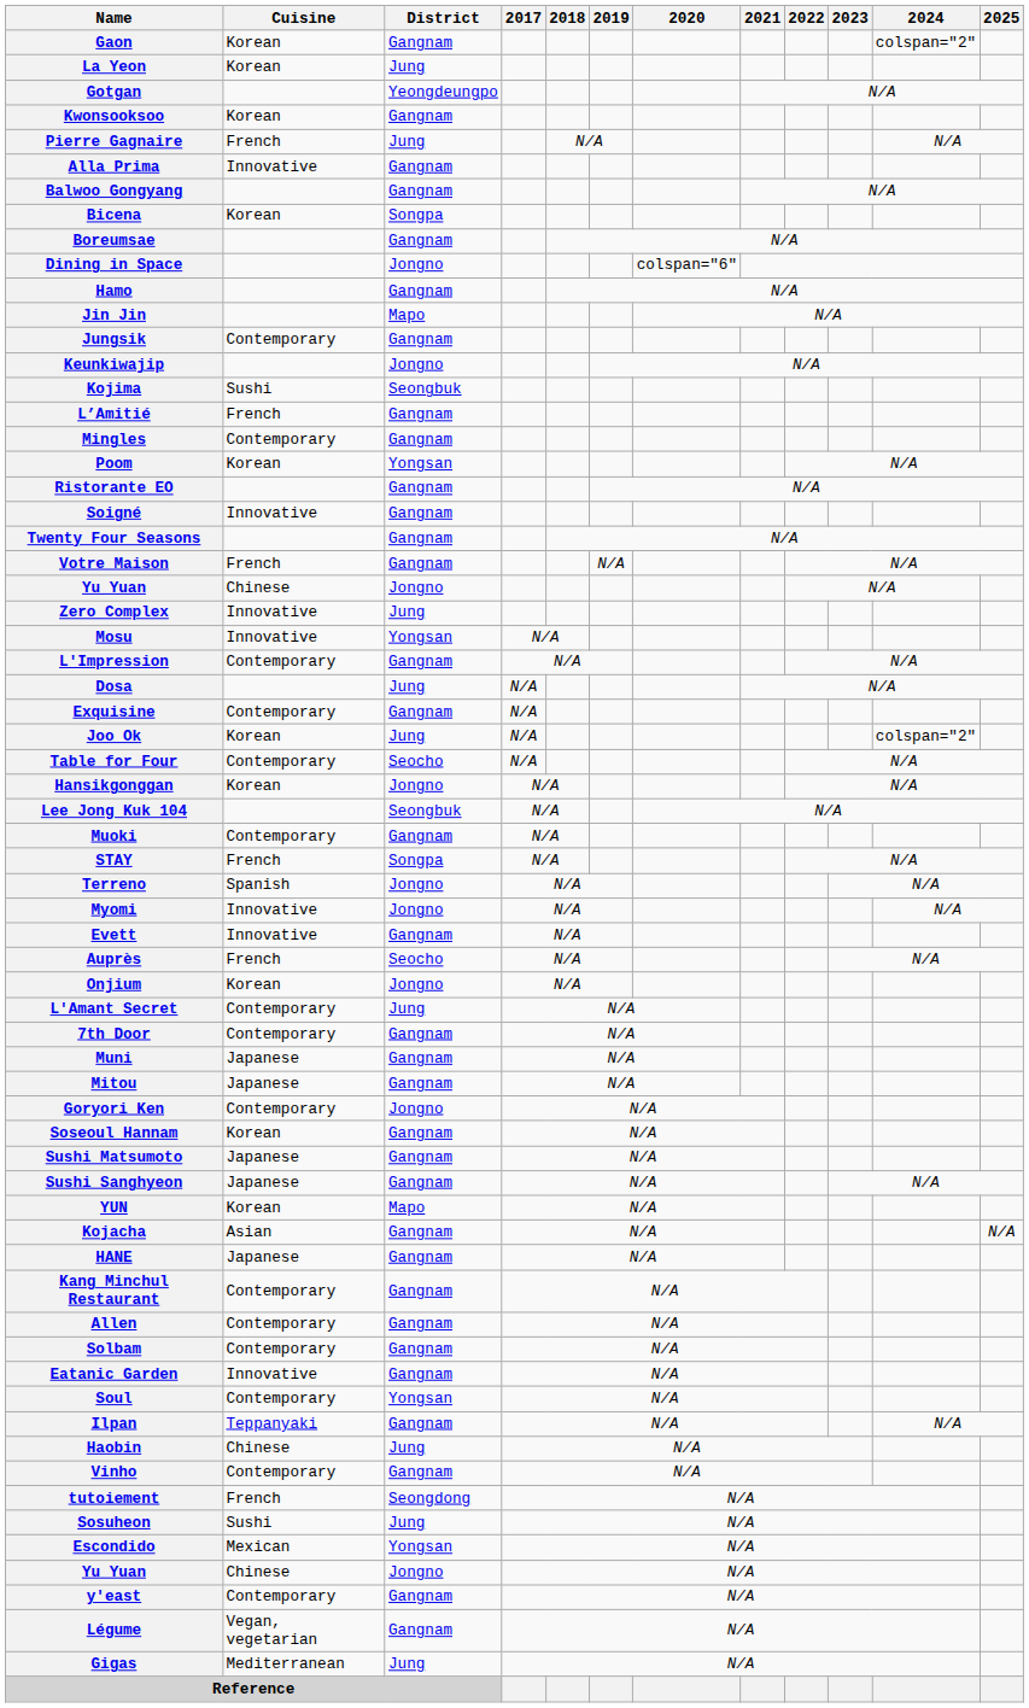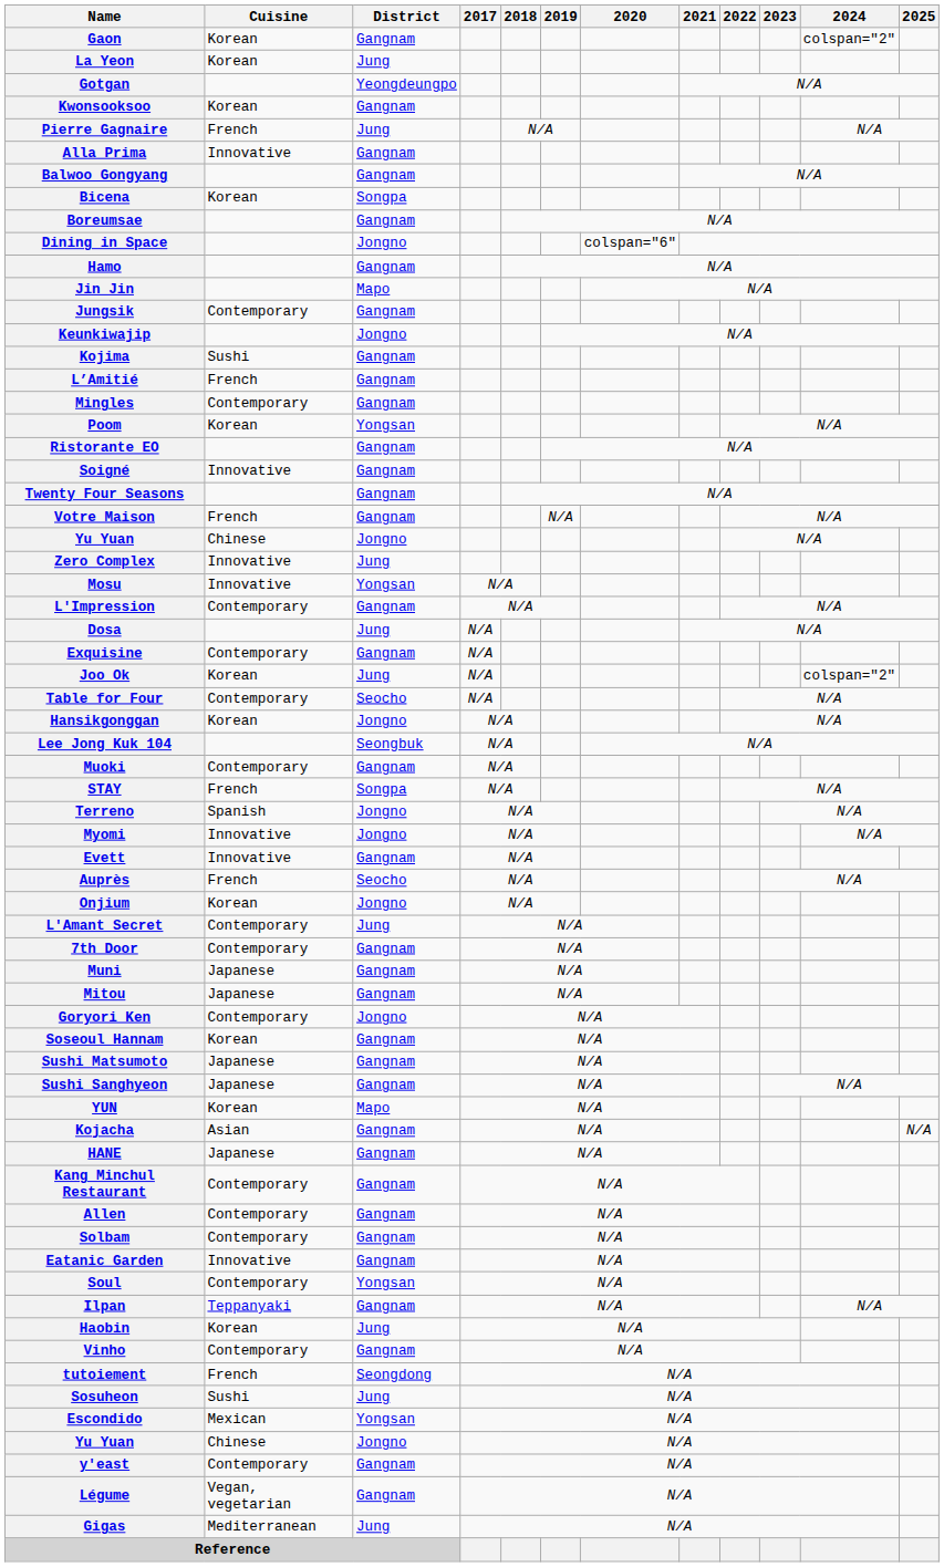 <table class="wikitable sortable plainrowheaders" style="text-align:left;"">
 <tr>
 <th scope="col">Name</th>
 <th scope="col">Cuisine</th>
 <th scope="col">District</th>
 <th scope="col">2017</th>
 <th scope="col">2018</th>
 <th scope="col">2019</th>
 <th scope="col">2020</th>
 <th scope="col">2021</th>
 <th scope="col">2022</th>
 <th scope="col">2023</th>
 <th scope="col">2024</th>
 <th scope="col">2025</th>
 </tr>
 <tr>
 <th scope="row"><a href='#'>Gaon</a></th>
 <td>Korean</td>
 <td><a href='#'>Gangnam</a></td>
 <td></td>
 <td></td>
 <td></td>
 <td></td>
 <td></td>
 <td></td>
 <td></td>
 <td>colspan="2" </td>
 </tr>
 <tr>
 <th scope="row"><a href='#'>La Yeon</a></th>
 <td>Korean</td>
 <td><a href='#'>Jung</a></td>
 <td></td>
 <td></td>
 <td></td>
 <td></td>
 <td></td>
 <td></td>
 <td></td>
 <td></td>
 <td></td>
 </tr>
 <tr>
 <th scope="row"><a href='#'>Gotgan</a></th>
 <td></td>
 <td><a href='#'>Yeongdeungpo</a></td>
 <td></td>
 <td></td>
 <td></td>
 <td></td>
 <td colspan="5" style="text-align: center;"><em>N/A</em></td>
 </tr>
 <tr>
 <th scope="row"><a href='#'>Kwonsooksoo</a></th>
 <td>Korean</td>
 <td><a href='#'>Gangnam</a></td>
 <td></td>
 <td></td>
 <td></td>
 <td></td>
 <td></td>
 <td></td>
 <td></td>
 <td></td>
 <td></td>
 </tr>
 <tr>
 <th scope="row"><a href='#'>Pierre Gagnaire</a></th>
 <td>French</td>
 <td><a href='#'>Jung</a></td>
 <td></td>
 <td colspan="2" style="text-align: center;"><em>N/A</em></td>
 <td></td>
 <td></td>
 <td></td>
 <td></td>
 <td style="text-align: center;  " colspan="2"><em>N/A</em></td>
 </tr>
 <tr>
 <th scope="row"><a href='#'>Alla Prima</a></th>
 <td>Innovative</td>
 <td><a href='#'>Gangnam</a></td>
 <td></td>
 <td></td>
 <td></td>
 <td></td>
 <td></td>
 <td></td>
 <td></td>
 <td></td>
 <td></td>
 </tr>
 <tr>
 <th scope="row"><a href='#'>Balwoo Gongyang</a></th>
 <td></td>
 <td><a href='#'>Gangnam</a></td>
 <td></td>
 <td></td>
 <td></td>
 <td></td>
 <td colspan="5" style="text-align: center; "><em>N/A</em></td>
 </tr>
 <tr>
 <th scope="row"><a href='#'>Bicena</a></th>
 <td>Korean</td>
 <td><a href='#'>Songpa</a></td>
 <td></td>
 <td></td>
 <td></td>
 <td></td>
 <td></td>
 <td></td>
 <td></td>
 <td></td>
 <td></td>
 </tr>
 <tr>
 <th scope="row"><a href='#'>Boreumsae</a></th>
 <td></td>
 <td><a href='#'>Gangnam</a></td>
 <td></td>
 <td colspan="8" style="text-align: center; "><em>N/A</em></td>
 </tr>
 <tr>
 <th scope="row"><a href='#'>Dining in Space</a></th>
 <td></td>
 <td><a href='#'>Jongno</a></td>
 <td></td>
 <td></td>
 <td></td>
 <td>colspan="6" </td>
 </tr>
 <tr>
 <th scope="row"><a href='#'>Hamo</a></th>
 <td></td>
 <td><a href='#'>Gangnam</a></td>
 <td></td>
 <td colspan="8" style="text-align: center; "><em>N/A</em></td>
 </tr>
 <tr>
 <th scope="row"><a href='#'>Jin Jin</a></th>
 <td></td>
 <td><a href='#'>Mapo</a></td>
 <td></td>
 <td></td>
 <td></td>
 <td colspan="6" style="text-align: center; "><em>N/A</em></td>
 </tr>
 <tr>
 <th scope="row"><a href='#'>Jungsik</a></th>
 <td>Contemporary</td>
 <td><a href='#'>Gangnam</a></td>
 <td></td>
 <td></td>
 <td></td>
 <td></td>
 <td></td>
 <td></td>
 <td></td>
 <td></td>
 <td></td>
 </tr>
 <tr>
 <th scope="row"><a href='#'>Keunkiwajip</a></th>
 <td></td>
 <td><a href='#'>Jongno</a></td>
 <td></td>
 <td></td>
 <td colspan="7" style="text-align: center; "><em>N/A</em></td>
 </tr>
 <tr>
 <th scope="row"><a href='#'>Kojima</a></th>
 <td>Sushi</td>
-<td><a href='#'>Seongbuk</a></td>
+<td><a href='#'>Gangnam</a></td>
 <td></td>
 <td></td>
 <td></td>
 <td></td>
 <td></td>
 <td></td>
 <td></td>
 <td></td>
 <td></td>
 </tr>
 <tr>
 <th scope="row"><a href='#'>L’Amitié</a></th>
 <td>French</td>
 <td><a href='#'>Gangnam</a></td>
 <td></td>
 <td></td>
 <td></td>
 <td></td>
 <td></td>
 <td></td>
 <td></td>
 <td></td>
 <td></td>
 </tr>
 <tr>
 <th scope="row"><a href='#'>Mingles</a></th>
 <td>Contemporary</td>
 <td><a href='#'>Gangnam</a></td>
 <td></td>
 <td></td>
 <td></td>
 <td></td>
 <td></td>
 <td></td>
 <td></td>
 <td></td>
 <td></td>
 </tr>
 <tr>
 <th scope="row"><a href='#'>Poom</a></th>
 <td>Korean</td>
 <td><a href='#'>Yongsan</a></td>
 <td></td>
 <td></td>
 <td></td>
 <td></td>
 <td></td>
 <td colspan="4" style="text-align: center;  "><em>N/A</em></td>
 </tr>
 <tr>
 <th scope="row"><a href='#'>Ristorante EO</a></th>
 <td></td>
 <td><a href='#'>Gangnam</a></td>
 <td></td>
 <td></td>
 <td colspan="7" style="text-align: center; "><em>N/A</em></td>
 </tr>
 <tr>
 <th scope="row"><a href='#'>Soigné</a></th>
 <td>Innovative</td>
 <td><a href='#'>Gangnam</a></td>
 <td></td>
 <td></td>
 <td></td>
 <td></td>
 <td></td>
 <td></td>
 <td></td>
 <td></td>
 <td></td>
 </tr>
 <tr>
 <th scope="row"><a href='#'>Twenty Four Seasons</a></th>
 <td></td>
 <td><a href='#'>Gangnam</a></td>
 <td></td>
 <td colspan="8" style="text-align: center; "><em>N/A</em></td>
 </tr>
 <tr>
 <th scope="row"><a href='#'>Votre Maison</a></th>
 <td>French</td>
 <td><a href='#'>Gangnam</a></td>
 <td></td>
 <td></td>
 <td style="text-align: center;  "><em>N/A</em></td>
 <td></td>
 <td></td>
 <td colspan="5" style="text-align: center;  "><em>N/A</em></td>
 </tr>
 <tr>
 <th scope="row"><a href='#'>Yu Yuan</a></th>
 <td>Chinese</td>
 <td><a href='#'>Jongno</a></td>
 <td></td>
 <td></td>
 <td></td>
 <td></td>
 <td></td>
 <td colspan="3" style="text-align: center;  "><em>N/A</em></td>
 <td></td>
 </tr>
 <tr>
 <th scope="row"><a href='#'>Zero Complex</a></th>
 <td>Innovative</td>
 <td><a href='#'>Jung</a></td>
 <td></td>
 <td></td>
 <td></td>
 <td></td>
 <td></td>
 <td></td>
 <td></td>
 <td></td>
 <td></td>
 </tr>
 <tr>
 <th scope="row"><a href='#'>Mosu</a></th>
 <td>Innovative</td>
 <td><a href='#'>Yongsan</a></td>
 <td colspan="2" style="text-align: center;"><em>N/A</em></td>
 <td></td>
 <td></td>
 <td></td>
 <td></td>
 <td></td>
 <td></td>
 <td></td>
 </tr>
 <tr>
 <th scope="row"><a href='#'>L'Impression</a></th>
 <td>Contemporary</td>
 <td><a href='#'>Gangnam</a></td>
 <td colspan="3" style="text-align: center;"><em>N/A</em></td>
 <td></td>
 <td></td>
 <td colspan="4" style="text-align: center;  "><em>N/A</em></td>
 </tr>
 <tr>
 <th scope="row"><a href='#'>Dosa</a></th>
 <td></td>
 <td><a href='#'>Jung</a></td>
 <td style="text-align: center;  "><em>N/A</em></td>
 <td></td>
 <td></td>
 <td></td>
 <td colspan="5" style="text-align: center;  "><em>N/A</em></td>
 </tr>
 <tr>
 <th scope="row"><a href='#'>Exquisine</a></th>
 <td>Contemporary</td>
 <td><a href='#'>Gangnam</a></td>
 <td style="text-align: center;  "><em>N/A</em></td>
 <td></td>
 <td></td>
 <td></td>
 <td></td>
 <td></td>
 <td></td>
 <td></td>
 <td></td>
 </tr>
 <tr>
 <th scope="row"><a href='#'>Joo Ok</a></th>
 <td>Korean</td>
 <td><a href='#'>Jung</a></td>
 <td style="text-align: center;  "><em>N/A</em></td>
 <td></td>
 <td></td>
 <td></td>
 <td></td>
 <td></td>
 <td></td>
 <td>colspan="2" </td>
 </tr>
 <tr>
 <th scope="row"><a href='#'>Table for Four</a></th>
 <td>Contemporary</td>
 <td><a href='#'>Seocho</a></td>
 <td style="text-align: center;  "><em>N/A</em></td>
 <td></td>
 <td></td>
 <td></td>
 <td></td>
 <td colspan="4" style="text-align: center;  "><em>N/A</em></td>
 </tr>
 <tr>
 <th scope="row"><a href='#'>Hansikgonggan</a></th>
 <td>Korean</td>
 <td><a href='#'>Jongno</a></td>
 <td colspan="2" style="text-align: center;"><em>N/A</em></td>
 <td></td>
 <td></td>
 <td></td>
 <td colspan="4" style="text-align: center;  "><em>N/A</em></td>
 </tr>
 <tr>
 <th scope="row"><a href='#'>Lee Jong Kuk 104</a></th>
 <td></td>
 <td><a href='#'>Seongbuk</a></td>
 <td colspan="2" style="text-align: center;"><em>N/A</em></td>
 <td></td>
 <td colspan="6" style="text-align: center;  "><em>N/A</em></td>
 </tr>
 <tr>
 <th scope="row"><a href='#'>Muoki</a></th>
 <td>Contemporary</td>
 <td><a href='#'>Gangnam</a></td>
 <td colspan="2" style="text-align: center;"><em>N/A</em></td>
 <td></td>
 <td></td>
 <td></td>
 <td></td>
 <td></td>
 <td></td>
 <td></td>
 </tr>
 <tr>
 <th scope="row"><a href='#'>STAY</a></th>
 <td>French</td>
 <td><a href='#'>Songpa</a></td>
 <td colspan="2" style="text-align: center;"><em>N/A</em></td>
 <td></td>
 <td></td>
 <td></td>
 <td colspan="4" style="text-align: center;  "><em>N/A</em></td>
 </tr>
 <tr>
 <th scope="row"><a href='#'>Terreno</a></th>
 <td>Spanish</td>
 <td><a href='#'>Jongno</a></td>
 <td colspan="3" style="text-align: center;"><em>N/A</em></td>
 <td></td>
 <td></td>
 <td></td>
 <td colspan="3" style="text-align: center;  "><em>N/A</em></td>
 </tr>
 <tr>
 <th scope="row"><a href='#'>Myomi</a></th>
 <td>Innovative</td>
 <td><a href='#'>Jongno</a></td>
 <td colspan="3" style="text-align: center;"><em>N/A</em></td>
 <td></td>
 <td></td>
 <td></td>
 <td></td>
 <td style="text-align: center;  " colspan="2"><em>N/A</em></td>
 </tr>
 <tr>
 <th scope="row"><a href='#'>Evett</a></th>
 <td>Innovative</td>
 <td><a href='#'>Gangnam</a></td>
 <td colspan="3" style="text-align: center;"><em>N/A</em></td>
 <td></td>
 <td></td>
 <td></td>
 <td></td>
 <td></td>
 <td></td>
 </tr>
 <tr>
 <th scope="row"><a href='#'>Auprès</a></th>
 <td>French</td>
 <td><a href='#'>Seocho</a></td>
 <td colspan="3" style="text-align: center;"><em>N/A</em></td>
 <td></td>
 <td></td>
 <td></td>
 <td colspan="3" style="text-align: center;  "><em>N/A</em></td>
 </tr>
 <tr>
 <th scope="row"><a href='#'>Onjium</a></th>
 <td>Korean</td>
 <td><a href='#'>Jongno</a></td>
 <td colspan="3" style="text-align: center;"><em>N/A</em></td>
 <td></td>
 <td></td>
 <td></td>
 <td></td>
 <td></td>
 <td></td>
 </tr>
 <tr>
 <th scope="row"><a href='#'>L'Amant Secret</a></th>
 <td>Contemporary</td>
 <td><a href='#'>Jung</a></td>
 <td colspan="4" style="text-align: center;"><em>N/A</em></td>
 <td></td>
 <td></td>
 <td></td>
 <td></td>
 <td></td>
 </tr>
 <tr>
 <th scope="row"><a href='#'>7th Door</a></th>
 <td>Contemporary</td>
 <td><a href='#'>Gangnam</a></td>
 <td colspan="4" style="text-align: center;"><em>N/A</em></td>
 <td></td>
 <td></td>
 <td></td>
 <td></td>
 <td></td>
 </tr>
 <tr>
 <th scope="row"><a href='#'>Muni</a></th>
 <td>Japanese</td>
 <td><a href='#'>Gangnam</a></td>
 <td colspan="4" style="text-align: center;"><em>N/A</em></td>
 <td></td>
 <td></td>
 <td></td>
 <td></td>
 <td></td>
 </tr>
 <tr>
 <th scope="row"><a href='#'>Mitou</a></th>
 <td>Japanese</td>
 <td><a href='#'>Gangnam</a></td>
 <td colspan="4" style="text-align: center;"><em>N/A</em></td>
 <td></td>
 <td></td>
 <td></td>
 <td></td>
 <td></td>
 </tr>
 <tr>
 <th scope="row"><a href='#'>Goryori Ken</a></th>
 <td>Contemporary</td>
 <td><a href='#'>Jongno</a></td>
 <td colspan="5" style="text-align: center;"><em>N/A</em></td>
 <td></td>
 <td></td>
 <td></td>
 <td></td>
 </tr>
 <tr>
 <th scope="row"><a href='#'>Soseoul Hannam</a></th>
 <td>Korean</td>
 <td><a href='#'>Gangnam</a></td>
 <td colspan="5" style="text-align: center;"><em>N/A</em></td>
 <td></td>
 <td></td>
 <td></td>
 <td></td>
 </tr>
 <tr>
 <th scope="row"><a href='#'>Sushi Matsumoto</a></th>
 <td>Japanese</td>
 <td><a href='#'>Gangnam</a></td>
 <td colspan="5" style="text-align: center;"><em>N/A</em></td>
 <td></td>
 <td></td>
 <td></td>
 <td></td>
 </tr>
 <tr>
 <th scope="row"><a href='#'>Sushi Sanghyeon</a></th>
 <td>Japanese</td>
 <td><a href='#'>Gangnam</a></td>
 <td colspan="5" style="text-align: center;"><em>N/A</em></td>
 <td></td>
 <td colspan="3" style="text-align: center;  "><em>N/A</em></td>
 </tr>
 <tr>
 <th scope="row"><a href='#'>YUN</a></th>
 <td>Korean</td>
 <td><a href='#'>Mapo</a></td>
 <td colspan="5" style="text-align: center;"><em>N/A</em></td>
 <td></td>
 <td></td>
 <td></td>
 <td></td>
 </tr>
 <tr>
 <th scope="row"><a href='#'>Kojacha</a></th>
 <td>Asian</td>
 <td><a href='#'>Gangnam</a></td>
 <td colspan="5" style="text-align: center;"><em>N/A</em></td>
 <td></td>
 <td></td>
 <td></td>
 <td style="text-align: center;"><em>N/A</em></td>
 </tr>
 <tr>
 <th scope="row"><a href='#'>HANE</a></th>
 <td>Japanese</td>
 <td><a href='#'>Gangnam</a></td>
 <td colspan="5" style="text-align: center;"><em>N/A</em></td>
 <td></td>
 <td></td>
 <td></td>
 <td></td>
 </tr>
 <tr>
 <th scope="row"><a href='#'>Kang Minchul Restaurant</a></th>
 <td>Contemporary</td>
 <td><a href='#'>Gangnam</a></td>
 <td colspan="6" style="text-align: center;"><em>N/A</em></td>
 <td></td>
 <td></td>
 <td></td>
 </tr>
 <tr>
 <th scope="row"><a href='#'>Allen</a></th>
 <td>Contemporary</td>
 <td><a href='#'>Gangnam</a></td>
 <td colspan="6" style="text-align: center;"><em>N/A</em></td>
 <td></td>
 <td></td>
 <td></td>
 </tr>
 <tr>
 <th scope="row"><a href='#'>Solbam</a></th>
 <td>Contemporary</td>
 <td><a href='#'>Gangnam</a></td>
 <td colspan="6" style="text-align: center;"><em>N/A</em></td>
 <td></td>
 <td></td>
 <td></td>
 </tr>
 <tr>
 <th scope="row"><a href='#'>Eatanic Garden</a></th>
 <td>Innovative</td>
 <td><a href='#'>Gangnam</a></td>
 <td colspan="6" style="text-align: center;"><em>N/A</em></td>
 <td></td>
 <td></td>
 <td></td>
 </tr>
 <tr>
 <th scope="row"><a href='#'>Soul</a></th>
 <td>Contemporary</td>
 <td><a href='#'>Yongsan</a></td>
 <td colspan="6" style="text-align: center;"><em>N/A</em></td>
 <td></td>
 <td></td>
 <td></td>
 </tr>
 <tr>
 <th scope="row"><a href='#'>Ilpan</a></th>
 <td><a href='#'>Teppanyaki</a></td>
 <td><a href='#'>Gangnam</a></td>
 <td colspan="6" style="text-align: center;"><em>N/A</em></td>
 <td></td>
 <td colspan="2" style="text-align: center;"><em>N/A</em></td>
 </tr>
 <tr>
 <th scope="row"><a href='#'>Haobin</a></th>
-<td>Chinese</td>
+<td>Korean</td>
 <td><a href='#'>Jung</a></td>
 <td colspan="7" style="text-align: center;"><em>N/A</em></td>
 <td></td>
 <td></td>
 </tr>
 <tr>
 <th scope="row"><a href='#'>Vinho</a></th>
 <td>Contemporary</td>
 <td><a href='#'>Gangnam</a></td>
 <td colspan="7" style="text-align: center;"><em>N/A</em></td>
 <td></td>
 <td></td>
 </tr>
 <tr>
 <th scope="row"><a href='#'>tutoiement</a></th>
 <td>French</td>
 <td><a href='#'>Seongdong</a></td>
 <td colspan="8" style="text-align: center;"><em>N/A</em></td>
 <td></td>
 </tr>
 <tr>
 <th scope="row"><a href='#'>Sosuheon</a></th>
 <td>Sushi</td>
 <td><a href='#'>Jung</a></td>
 <td colspan="8" style="text-align: center;"><em>N/A</em></td>
 <td></td>
 </tr>
 <tr>
 <th scope="row"><a href='#'>Escondido</a></th>
 <td>Mexican</td>
 <td><a href='#'>Yongsan</a></td>
 <td colspan="8" style="text-align: center;"><em>N/A</em></td>
 <td></td>
 </tr>
 <tr>
 <th scope="row"><a href='#'>Yu Yuan</a></th>
 <td>Chinese</td>
 <td><a href='#'>Jongno</a></td>
 <td colspan="8" style="text-align: center;"><em>N/A</em></td>
 <td></td>
 </tr>
 <tr>
 <th scope="row"><a href='#'>y'east</a></th>
 <td>Contemporary</td>
 <td><a href='#'>Gangnam</a></td>
 <td colspan="8" style="text-align: center;"><em>N/A</em></td>
 <td></td>
 </tr>
 <tr>
 <th scope="row"><a href='#'>Légume</a></th>
 <td>Vegan, vegetarian</td>
 <td><a href='#'>Gangnam</a></td>
 <td colspan="8" style="text-align: center;"><em>N/A</em></td>
 <td></td>
 </tr>
 <tr>
 <th scope="row"><a href='#'>Gigas</a></th>
 <td>Mediterranean</td>
 <td><a href='#'>Jung</a></td>
 <td colspan="8" style="text-align: center;"><em>N/A</em></td>
 <td></td>
 </tr>
 <tr>
 <th colspan="3" style="text-align: center;background: lightgray;">Reference</th>
 <th></th>
 <th></th>
 <th></th>
 <th></th>
 <th></th>
 <th></th>
 <th></th>
 <th></th>
 <th></th>
 </tr>
 </table>
